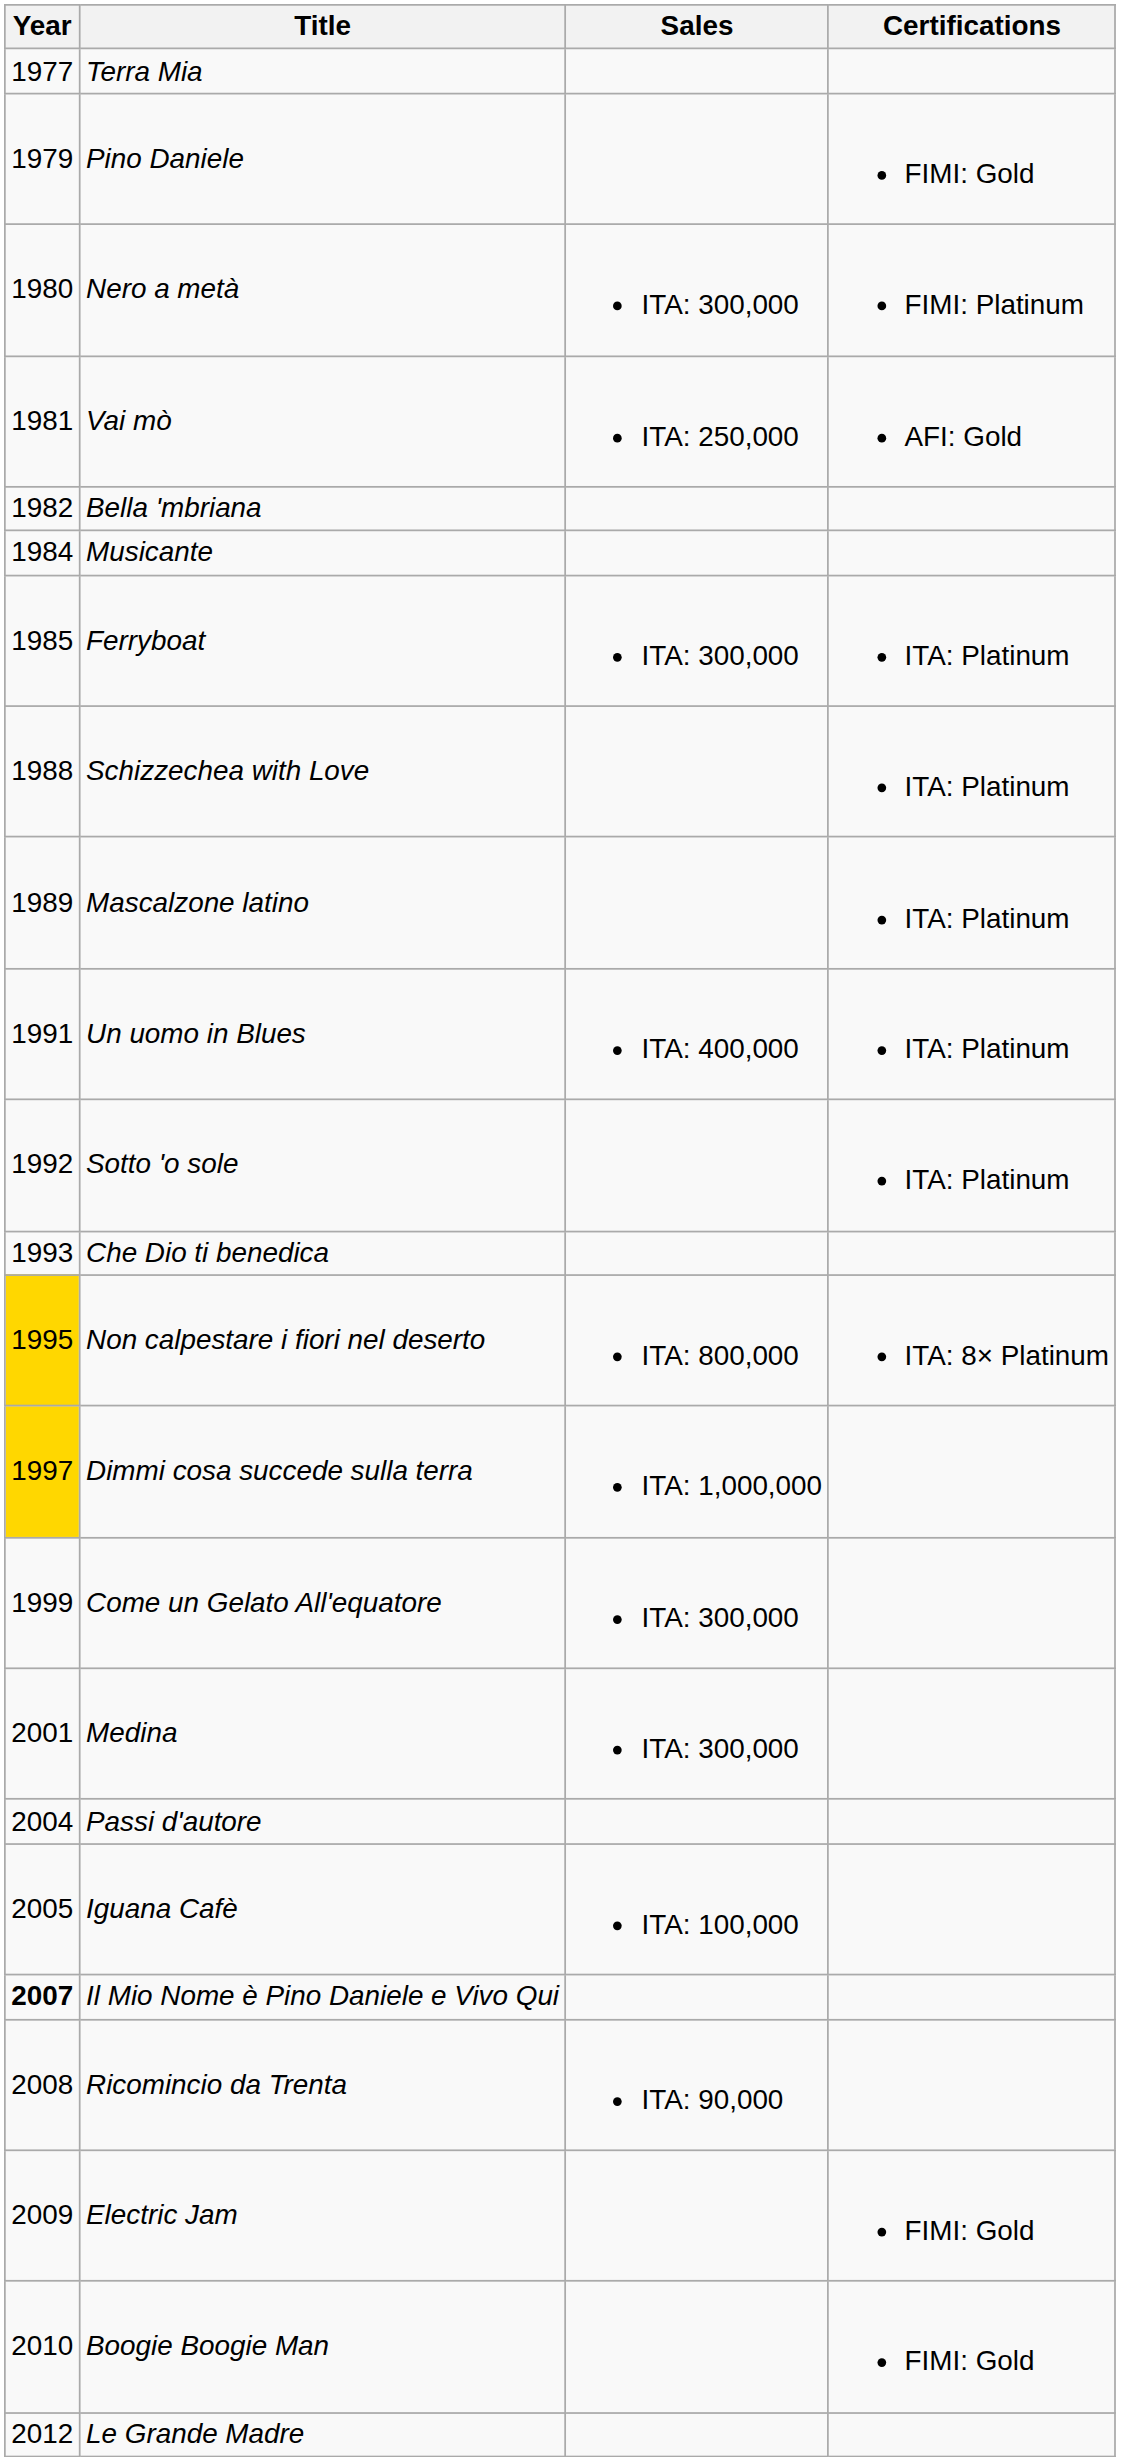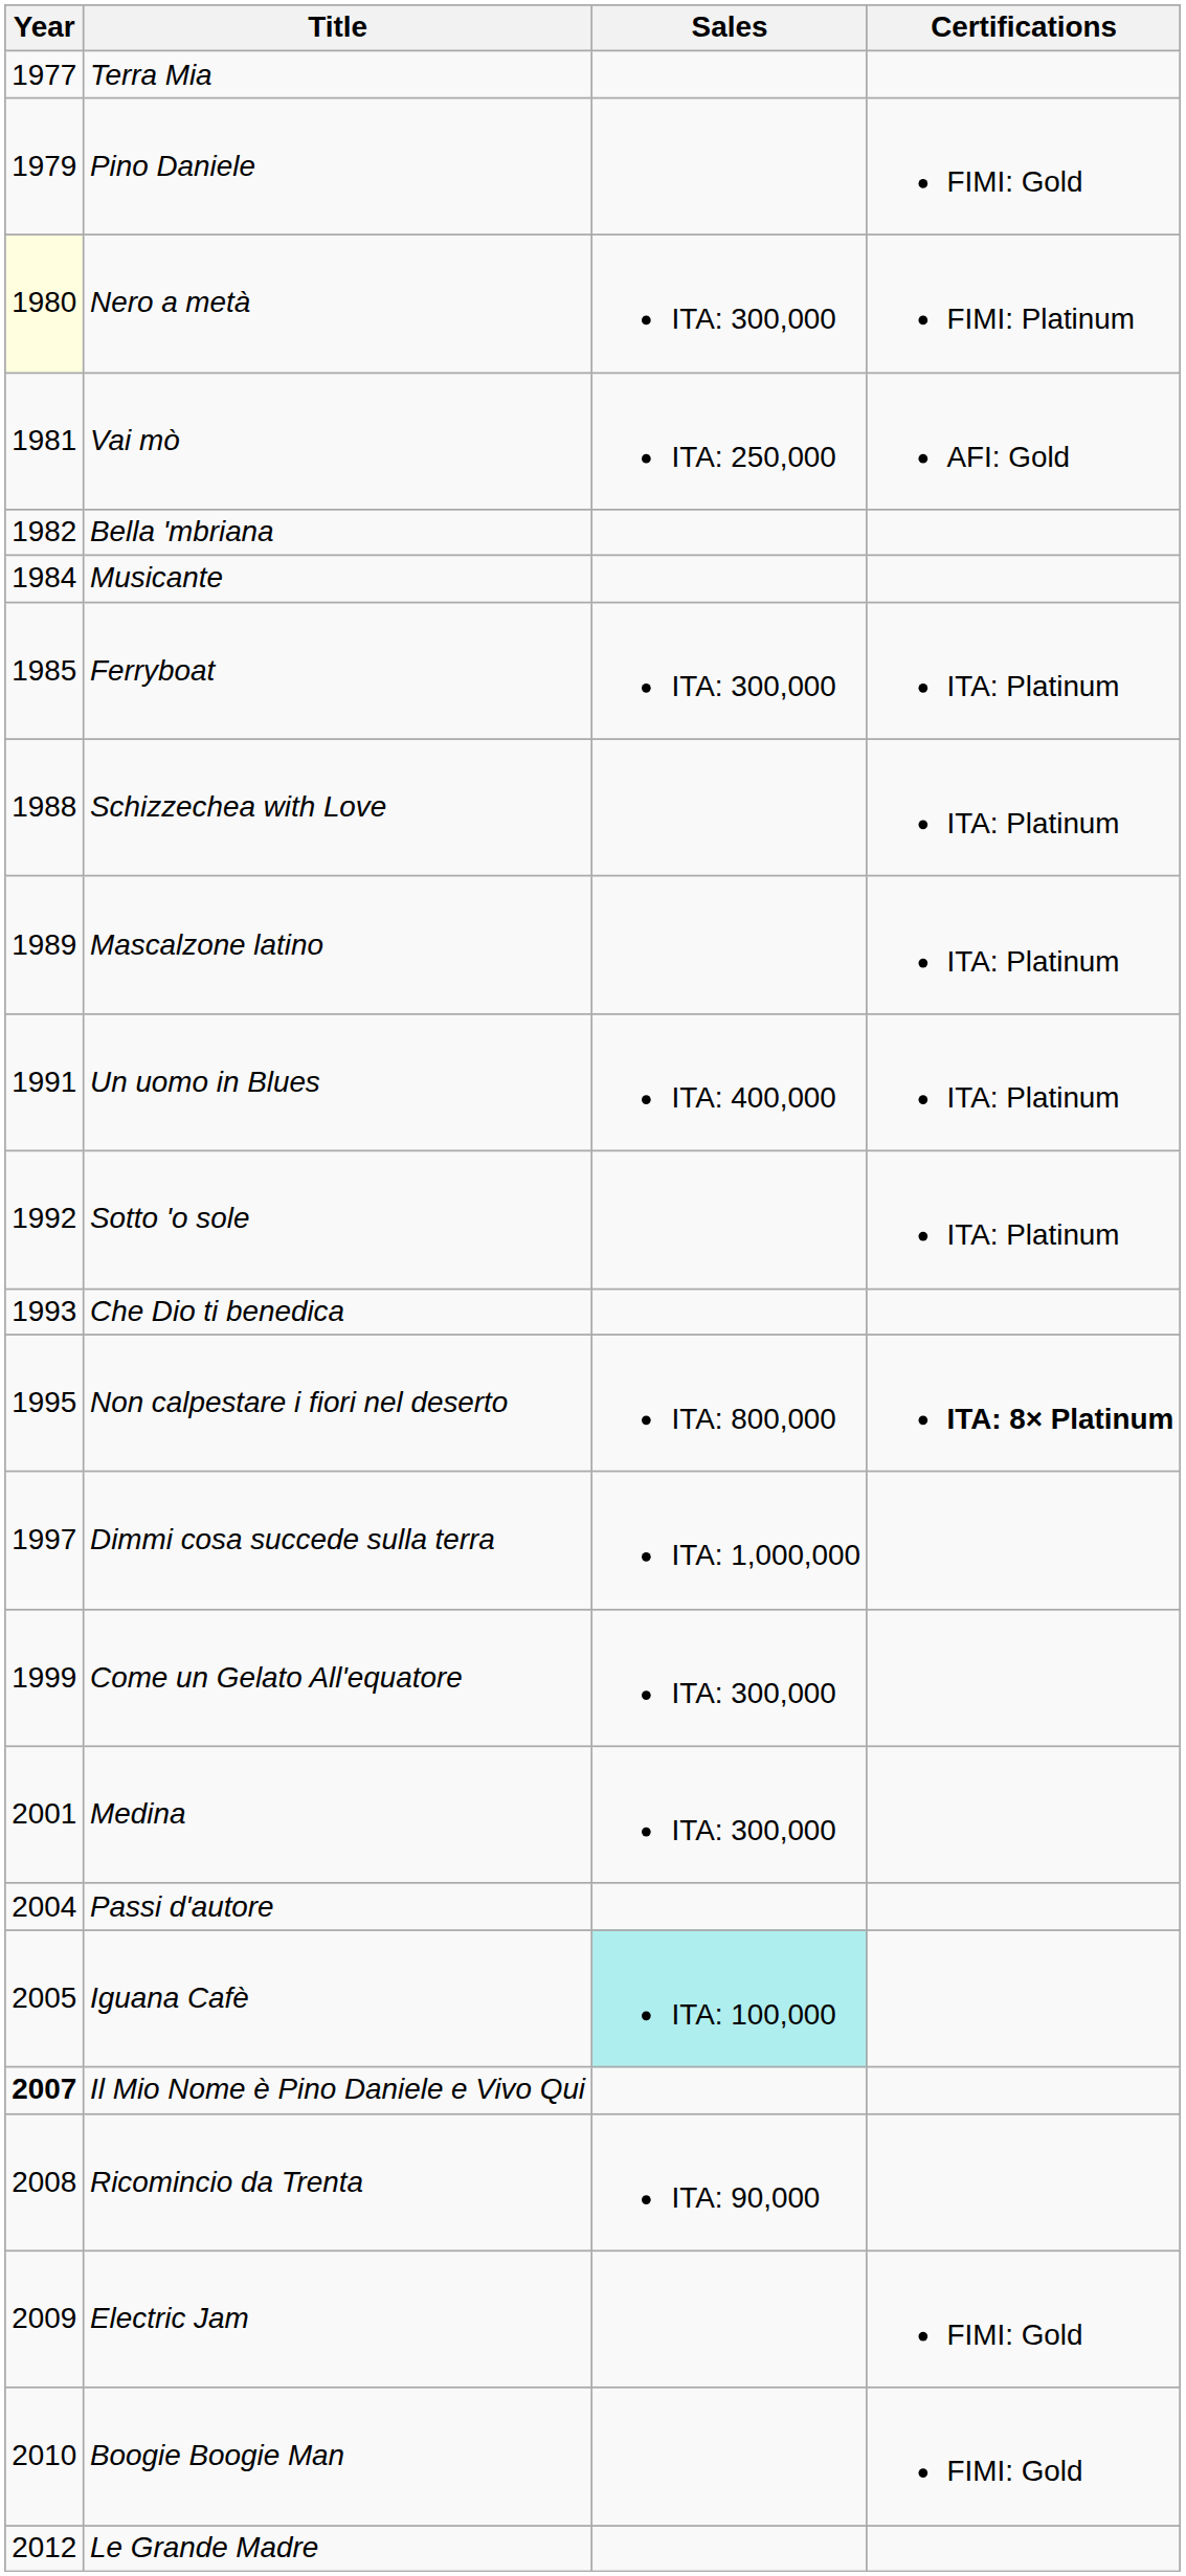 <table class="wikitable">
 <tr>
 <th>Year</th>
 <th>Title</th>
 <th>Sales</th>
 <th>Certifications</th>
 </tr>
 <tr>
 <td>1977</td>
 <td><em>Terra Mia</em></td>
 <td></td>
 <td></td>
 </tr>
 <tr>
 <td>1979</td>
 <td><em>Pino Daniele</em></td>
 <td></td>
 <td><br><ul><li>FIMI: Gold</li></ul></td>
 </tr>
 <tr>
-<td>1980</td>
+<td style="background: lightyellow;">1980</td>
 <td><em>Nero a metà</em></td>
 <td><br><ul><li>ITA: 300,000</li></ul></td>
 <td><br><ul><li>FIMI: Platinum</li></ul></td>
 </tr>
 <tr>
 <td>1981</td>
 <td><em>Vai mò</em></td>
 <td><br><ul><li>ITA: 250,000</li></ul></td>
 <td><br><ul><li>AFI: Gold</li></ul></td>
 </tr>
 <tr>
 <td>1982</td>
 <td><em>Bella 'mbriana</em></td>
 <td></td>
 <td></td>
 </tr>
 <tr>
 <td>1984</td>
 <td><em>Musicante</em></td>
 <td></td>
 <td></td>
 </tr>
 <tr>
 <td>1985</td>
 <td><em>Ferryboat</em></td>
 <td><br><ul><li>ITA: 300,000</li></ul></td>
 <td><br><ul><li>ITA: Platinum</li></ul></td>
 </tr>
 <tr>
 <td>1988</td>
 <td><em>Schizzechea with Love</em></td>
 <td></td>
 <td><br><ul><li>ITA: Platinum</li></ul></td>
 </tr>
 <tr>
 <td>1989</td>
 <td><em>Mascalzone latino</em></td>
 <td></td>
 <td><br><ul><li>ITA: Platinum</li></ul></td>
 </tr>
 <tr>
 <td>1991</td>
 <td><em>Un uomo in Blues</em></td>
 <td><br><ul><li>ITA: 400,000</li></ul></td>
 <td><br><ul><li>ITA: Platinum</li></ul></td>
 </tr>
 <tr>
 <td>1992</td>
 <td><em>Sotto 'o sole</em></td>
 <td></td>
 <td><br><ul><li>ITA: Platinum</li></ul></td>
 </tr>
 <tr>
 <td>1993</td>
 <td><em>Che Dio ti benedica</em></td>
 <td></td>
 <td></td>
 </tr>
 <tr>
-<td style="background: gold;">1995</td>
+<td>1995</td>
 <td><em>Non calpestare i fiori nel deserto</em></td>
 <td><br><ul><li>ITA: 800,000</li></ul></td>
-<td><br><ul><li>ITA: 8× Platinum</li></ul></td>
+<td><strong><br><ul><li>ITA: 8× Platinum</li></ul></strong></td>
 </tr>
 <tr>
-<td style="background: gold;">1997</td>
+<td>1997</td>
 <td><em>Dimmi cosa succede sulla terra</em></td>
 <td><br><ul><li>ITA: 1,000,000</li></ul></td>
 <td></td>
 </tr>
 <tr>
 <td>1999</td>
 <td><em>Come un Gelato All'equatore</em></td>
 <td><br><ul><li>ITA: 300,000</li></ul></td>
 <td></td>
 </tr>
 <tr>
 <td>2001</td>
 <td><em>Medina</em></td>
 <td><br><ul><li>ITA: 300,000</li></ul></td>
 <td></td>
 </tr>
 <tr>
 <td>2004</td>
 <td><em>Passi d'autore</em></td>
 <td></td>
 <td></td>
 </tr>
 <tr>
 <td>2005</td>
 <td><em>Iguana Cafè</em></td>
-<td><br><ul><li>ITA: 100,000</li></ul></td>
+<td style="background: paleturquoise;"><br><ul><li>ITA: 100,000</li></ul></td>
 <td></td>
 </tr>
 <tr>
 <td><strong>2007</strong></td>
 <td><em>Il Mio Nome è Pino Daniele e Vivo Qui</em></td>
 <td></td>
 <td></td>
 </tr>
 <tr>
 <td>2008</td>
 <td><em>Ricomincio da Trenta</em></td>
 <td><br><ul><li>ITA: 90,000</li></ul></td>
 </tr>
 <tr>
 <td>2009</td>
 <td><em>Electric Jam</em></td>
 <td></td>
 <td><br><ul><li>FIMI: Gold</li></ul></td>
 </tr>
 <tr>
 <td>2010</td>
 <td><em>Boogie Boogie Man</em></td>
 <td></td>
 <td><br><ul><li>FIMI: Gold</li></ul></td>
 </tr>
 <tr>
 <td>2012</td>
 <td><em>Le Grande Madre</em></td>
 <td></td>
 <td></td>
 </tr>
 </table>
